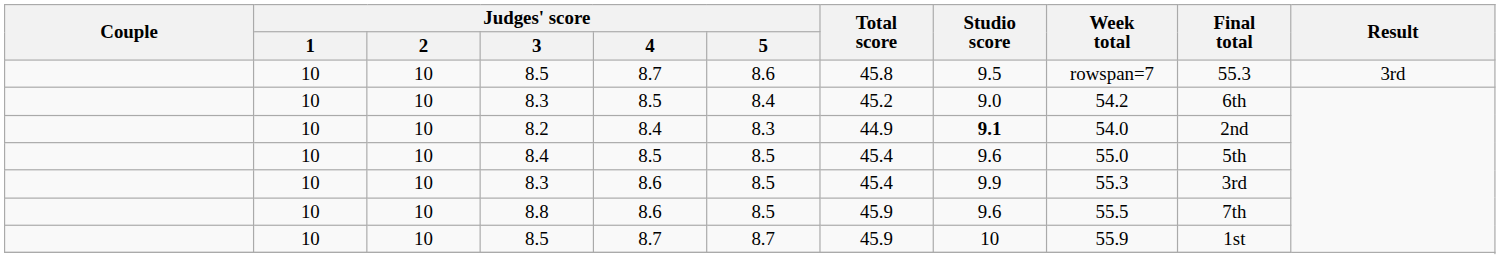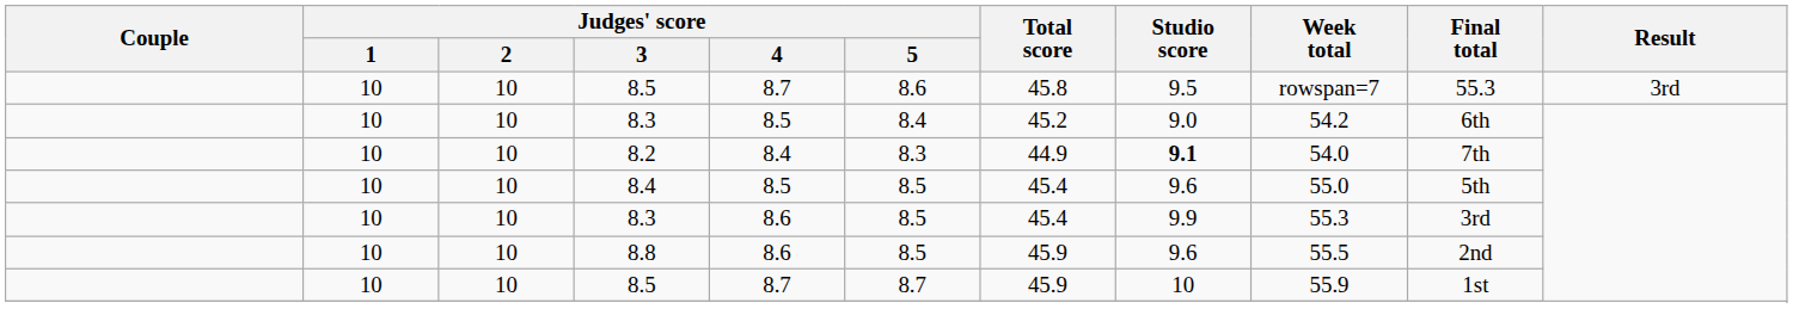 <table class="wikitable" style="font-size:100%; line-height:16px; text-align:center" width="100%">
 <tr>
 <th rowspan=2 width="11.00%">Couple</th>
 <th colspan=5 width="25.00%">Judges' score</th>
 <th rowspan=2 width="05.00%">Total<br>score</th>
 <th rowspan=2 width="05.00%">Studio<br>score</th>
 <th rowspan=2 width="05.00%">Week<br>total</th>
 <th rowspan=2 width="05.00%">Final<br>total</th>
 <th rowspan=2 width="09.00%">Result</th>
 </tr>
 <tr>
 <th width="05%">1</th>
 <th width="05%">2</th>
 <th width="05%">3</th>
 <th width="05%">4</th>
 <th width="05%">5</th>
 </tr>
 <tr>
 <td></td>
 <td>10</td>
 <td>10</td>
 <td>8.5</td>
 <td>8.7</td>
 <td>8.6</td>
 <td>45.8</td>
 <td>9.5</td>
 <td>rowspan=7 </td>
 <td>55.3</td>
 <td>3rd</td>
 </tr>
 <tr>
 <td></td>
 <td>10</td>
 <td>10</td>
 <td>8.3</td>
 <td>8.5</td>
 <td>8.4</td>
 <td>45.2</td>
 <td>9.0</td>
 <td>54.2</td>
 <td>6th</td>
 </tr>
 <tr>
 <td></td>
 <td>10</td>
 <td>10</td>
 <td>8.2</td>
 <td>8.4</td>
 <td>8.3</td>
 <td>44.9</td>
 <td><strong>9.1</strong></td>
 <td>54.0</td>
-<td>2nd</td>
+<td>7th</td>
 </tr>
 <tr>
 <td></td>
 <td>10</td>
 <td>10</td>
 <td>8.4</td>
 <td>8.5</td>
 <td>8.5</td>
 <td>45.4</td>
 <td>9.6</td>
 <td>55.0</td>
 <td>5th</td>
 </tr>
 <tr>
 <td></td>
 <td>10</td>
 <td>10</td>
 <td>8.3</td>
 <td>8.6</td>
 <td>8.5</td>
 <td>45.4</td>
 <td>9.9</td>
 <td>55.3</td>
 <td>3rd</td>
 </tr>
 <tr>
 <td></td>
 <td>10</td>
 <td>10</td>
 <td>8.8</td>
 <td>8.6</td>
 <td>8.5</td>
 <td>45.9</td>
 <td>9.6</td>
 <td>55.5</td>
-<td>7th</td>
+<td>2nd</td>
 </tr>
 <tr>
 <td></td>
 <td>10</td>
 <td>10</td>
 <td>8.5</td>
 <td>8.7</td>
 <td>8.7</td>
 <td>45.9</td>
 <td>10</td>
 <td>55.9</td>
 <td>1st</td>
 </tr>
 <tr>
 </tr>
 </table>
